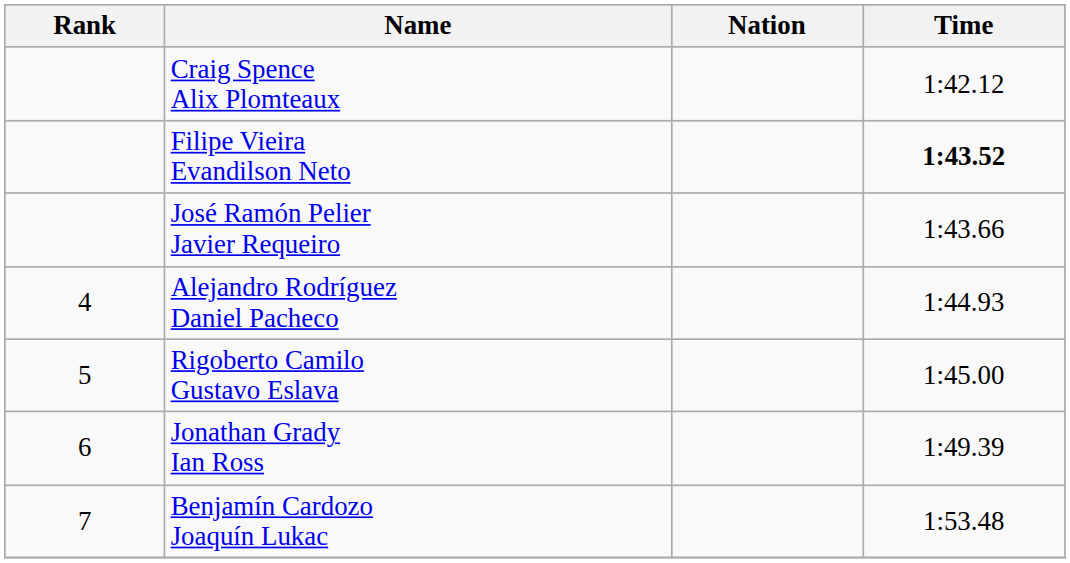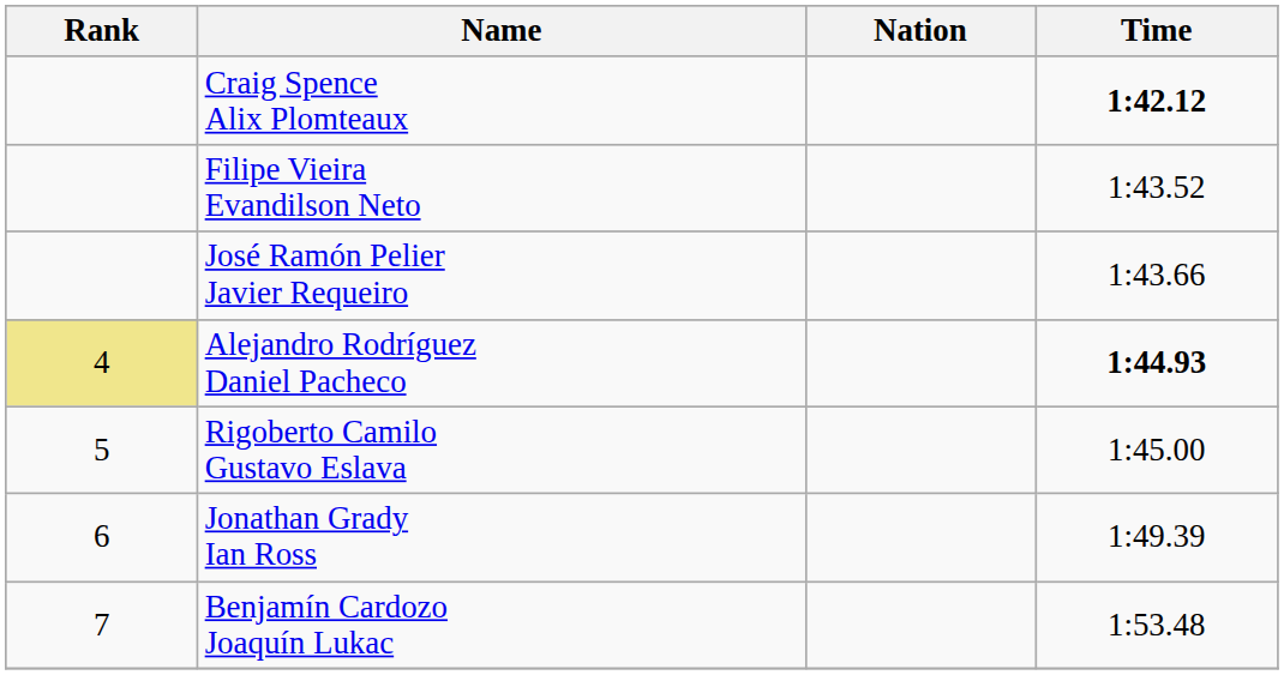 <table class="wikitable sortable" style="text-align:center" width=50%>
 <tr>
 <th>Rank</th>
 <th>Name</th>
 <th>Nation</th>
 <th>Time</th>
 </tr>
 <tr>
 <td></td>
 <td align=left><a href='#'>Craig Spence</a><br><a href='#'>Alix Plomteaux</a></td>
 <td align=left></td>
-<td>1:42.12</td>
+<td><strong>1:42.12</strong></td>
 </tr>
 <tr>
 <td></td>
 <td align=left><a href='#'>Filipe Vieira</a><br><a href='#'>Evandilson Neto</a></td>
 <td align=left></td>
-<td><strong>1:43.52</strong></td>
+<td>1:43.52</td>
 </tr>
 <tr>
 <td></td>
 <td align=left><a href='#'>José Ramón Pelier</a><br><a href='#'>Javier Requeiro</a></td>
 <td align=left></td>
 <td>1:43.66</td>
 </tr>
 <tr>
-<td>4</td>
+<td style="background: khaki;">4</td>
 <td align=left><a href='#'>Alejandro Rodríguez</a><br><a href='#'>Daniel Pacheco</a></td>
 <td align=left></td>
-<td>1:44.93</td>
+<td><strong>1:44.93</strong></td>
 </tr>
 <tr>
 <td>5</td>
 <td align=left><a href='#'>Rigoberto Camilo</a><br><a href='#'>Gustavo Eslava</a></td>
 <td align=left></td>
 <td>1:45.00</td>
 </tr>
 <tr>
 <td>6</td>
 <td align=left><a href='#'>Jonathan Grady</a><br><a href='#'>Ian Ross</a></td>
 <td align=left></td>
 <td>1:49.39</td>
 </tr>
 <tr>
 <td>7</td>
 <td align=left><a href='#'>Benjamín Cardozo</a><br><a href='#'>Joaquín Lukac</a></td>
 <td align=left></td>
 <td>1:53.48</td>
 </tr>
 <tr>
 </tr>
 </table>
